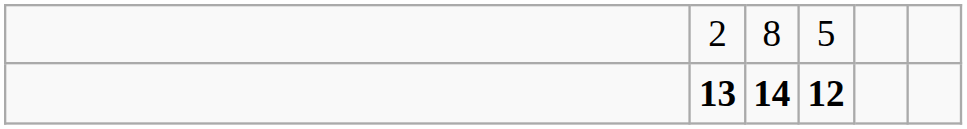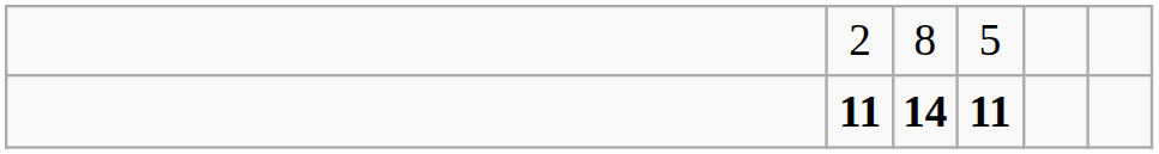 <table class="wikitable">
 <tr>
 <td style="width:18em"></td>
 <td align=center style="width:1em">2</td>
 <td align=center style="width:1em">8</td>
 <td align=center style="width:1em">5</td>
 <td align=center style="width:1em"></td>
 <td align=center style="width:1em"></td>
 </tr>
 <tr>
 <td style="width:18em"></td>
-<td align=center style="width:1em"><strong>13</strong></td>
+<td align=center style="width:1em"><strong>11</strong></td>
 <td align=center style="width:1em"><strong>14</strong></td>
-<td align=center style="width:1em"><strong>12</strong></td>
+<td align=center style="width:1em"><strong>11</strong></td>
 <td align=center style="width:1em"></td>
 <td align=center style="width:1em"></td>
 </tr>
 </table>
